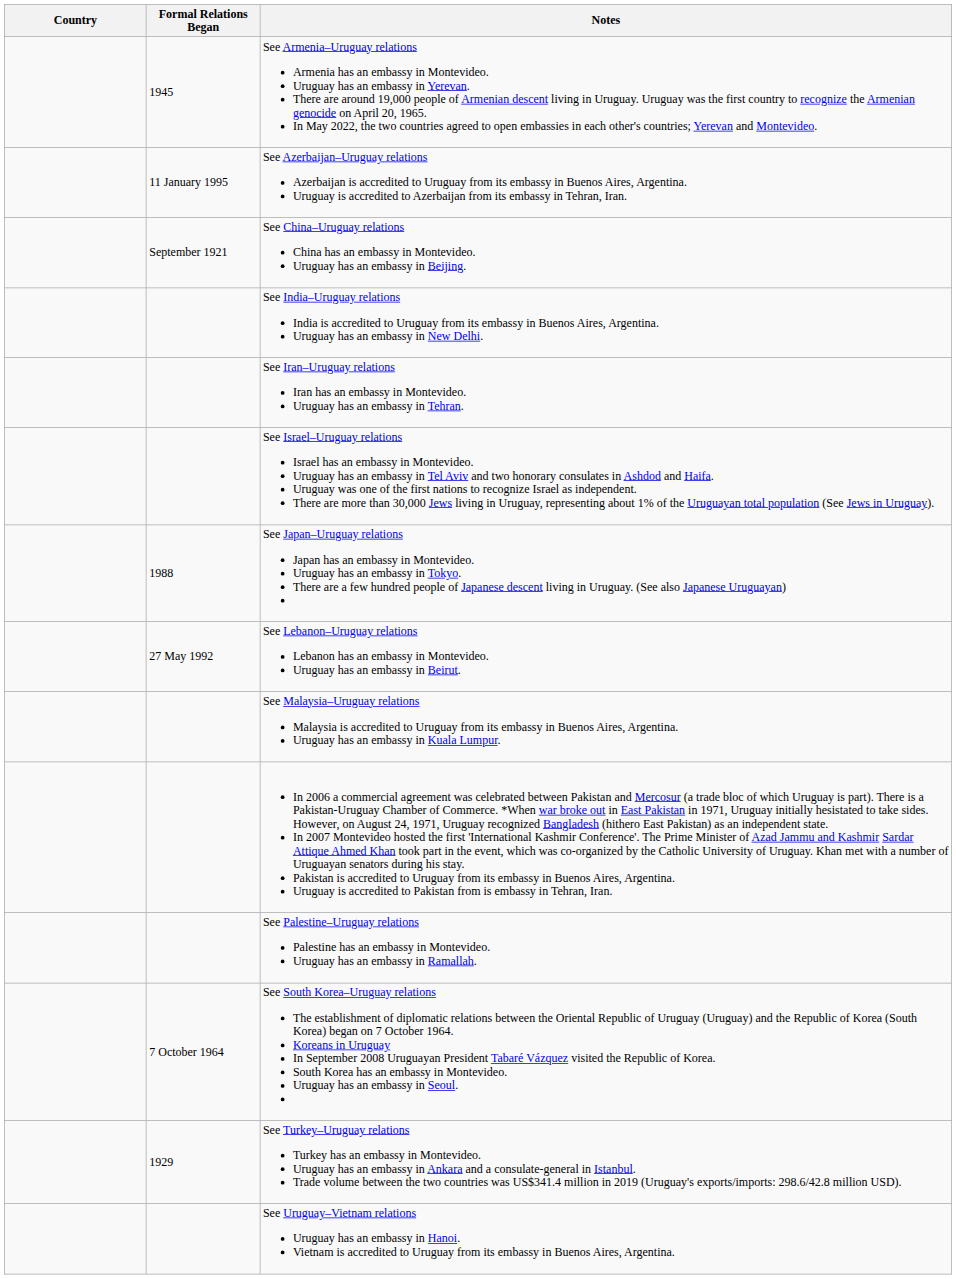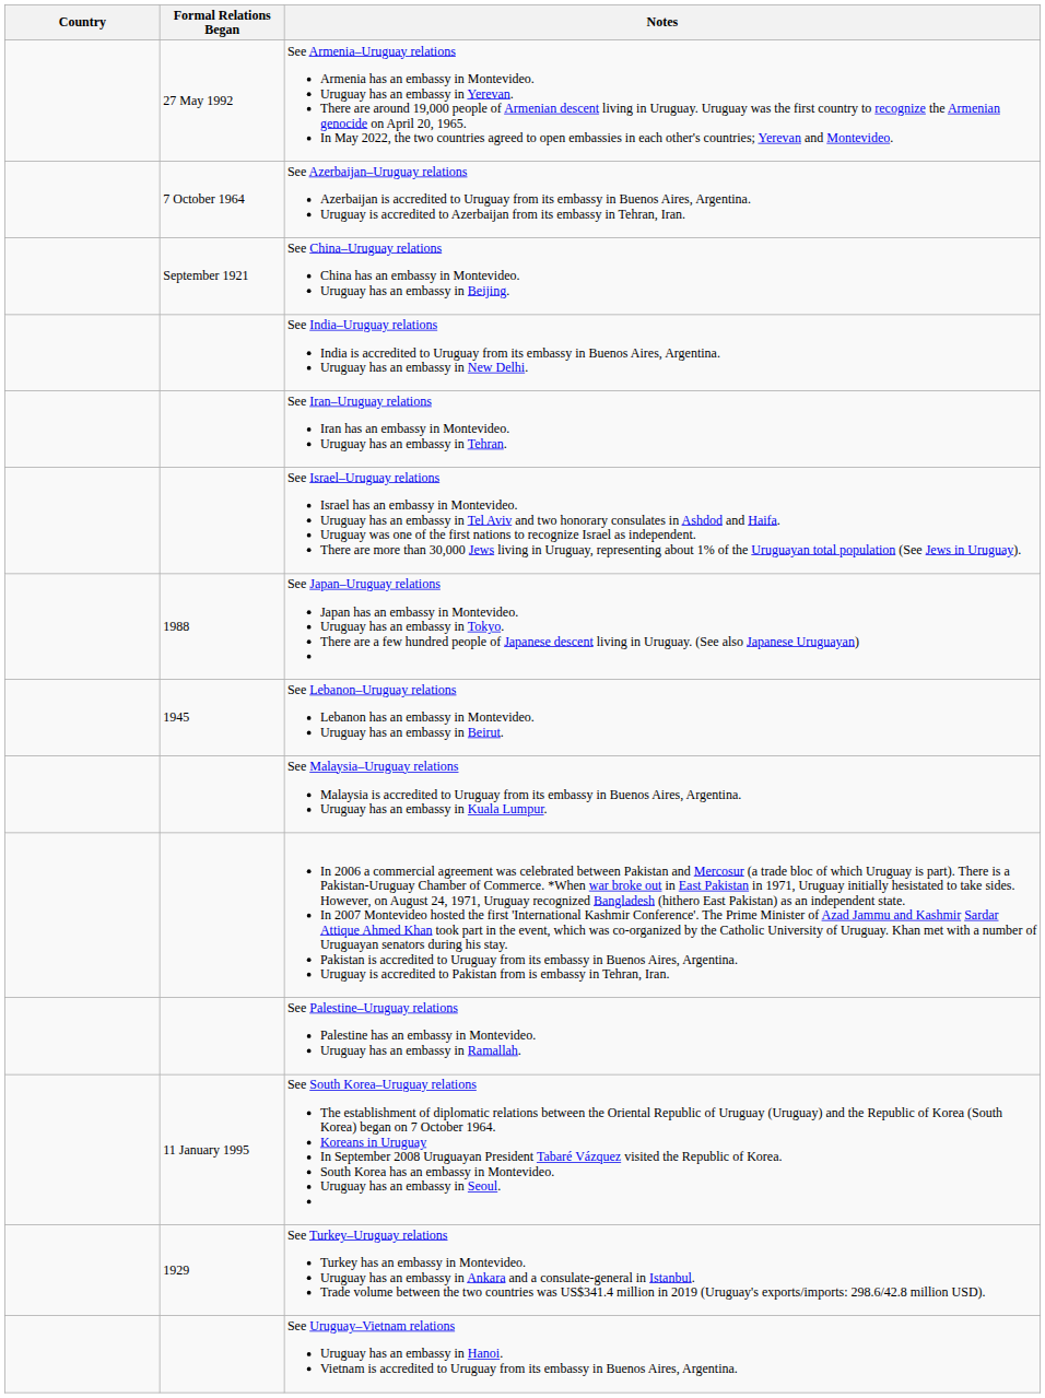 <table class="wikitable sortable" border="1" style="width:100%; margin:auto;">
 <tr>
 <th width="15%">Country</th>
 <th width="12%">Formal Relations Began</th>
 <th>Notes</th>
 </tr>
 <tr -valign="top">
 <td></td>
-<td>1945</td>
+<td>27 May 1992</td>
 <td>See <a href='#'>Armenia–Uruguay relations</a><br><ul><li>Armenia has an embassy in Montevideo.</li><li>Uruguay has an embassy in <a href='#'>Yerevan</a>.</li><li>There are around 19,000 people of <a href='#'>Armenian descent</a> living in Uruguay. Uruguay was the first country to <a href='#'>recognize</a> the <a href='#'>Armenian genocide</a> on April 20, 1965.</li><li>In May 2022, the two countries agreed to open embassies in each other's countries; <a href='#'>Yerevan</a> and <a href='#'>Montevideo</a>.</li></ul></td>
 </tr>
 <tr -valign="top">
 <td></td>
-<td>11 January 1995</td>
+<td>7 October 1964</td>
 <td>See <a href='#'>Azerbaijan–Uruguay relations</a><br><ul><li>Azerbaijan is accredited to Uruguay from its embassy in Buenos Aires, Argentina.</li><li>Uruguay is accredited to Azerbaijan from its embassy in Tehran, Iran.</li></ul></td>
 </tr>
 <tr -valign="top">
 <td></td>
 <td>September 1921</td>
 <td>See <a href='#'>China–Uruguay relations</a><br><ul><li>China has an embassy in Montevideo.</li><li>Uruguay has an embassy in <a href='#'>Beijing</a>.</li></ul></td>
 </tr>
 <tr -valign="top">
 <td></td>
 <td></td>
 <td>See <a href='#'>India–Uruguay relations</a><br><ul><li>India is accredited to Uruguay from its embassy in Buenos Aires, Argentina.</li><li>Uruguay has an embassy in <a href='#'>New Delhi</a>.</li></ul></td>
 </tr>
 <tr -valign="top">
 <td></td>
 <td></td>
 <td>See <a href='#'>Iran–Uruguay relations</a><br><ul><li>Iran has an embassy in Montevideo.</li><li>Uruguay has an embassy in <a href='#'>Tehran</a>.</li></ul></td>
 </tr>
 <tr -valign="top">
 <td></td>
 <td></td>
 <td>See <a href='#'>Israel–Uruguay relations</a><br><ul><li>Israel has an embassy in Montevideo.</li><li>Uruguay has an embassy in <a href='#'>Tel Aviv</a> and two honorary consulates in <a href='#'>Ashdod</a> and <a href='#'>Haifa</a>.</li><li>Uruguay was one of the first nations to recognize Israel as independent.</li><li>There are more than 30,000 <a href='#'>Jews</a> living in Uruguay, representing about 1% of the <a href='#'>Uruguayan total population</a> (See <a href='#'>Jews in Uruguay</a>).</li></ul></td>
 </tr>
 <tr -valign="top">
 <td></td>
 <td>1988</td>
 <td>See <a href='#'>Japan–Uruguay relations</a><br><ul><li>Japan has an embassy in Montevideo.</li><li>Uruguay has an embassy in <a href='#'>Tokyo</a>.</li><li>There are a few hundred people of <a href='#'>Japanese descent</a> living in Uruguay. (See also <a href='#'>Japanese Uruguayan</a>)</li><li></li></ul></td>
 </tr>
 <tr -valign="top">
 <td></td>
-<td>27 May 1992</td>
+<td>1945</td>
 <td>See <a href='#'>Lebanon–Uruguay relations</a><br><ul><li>Lebanon has an embassy in Montevideo.</li><li>Uruguay has an embassy in <a href='#'>Beirut</a>.</li></ul></td>
 </tr>
 <tr -valign="top">
 <td></td>
 <td></td>
 <td>See <a href='#'>Malaysia–Uruguay relations</a><br><ul><li>Malaysia is accredited to Uruguay from its embassy in Buenos Aires, Argentina.</li><li>Uruguay has an embassy in <a href='#'>Kuala Lumpur</a>.</li></ul></td>
 </tr>
 <tr -valign="top">
 <td></td>
 <td></td>
 <td><br><ul><li>In 2006 a commercial agreement was celebrated between Pakistan and <a href='#'>Mercosur</a> (a trade bloc of which Uruguay is part). There is a Pakistan-Uruguay Chamber of Commerce. *When <a href='#'>war broke out</a> in <a href='#'>East Pakistan</a> in 1971, Uruguay initially hesistated to take sides. However, on August 24, 1971, Uruguay recognized <a href='#'>Bangladesh</a> (hithero East Pakistan) as an independent state.</li><li>In 2007 Montevideo hosted the first 'International Kashmir Conference'. The Prime Minister of <a href='#'>Azad Jammu and Kashmir</a> <a href='#'>Sardar Attique Ahmed Khan</a> took part in the event, which was co-organized by the Catholic University of Uruguay. Khan met with a number of Uruguayan senators during his stay.</li><li>Pakistan is accredited to Uruguay from its embassy in Buenos Aires, Argentina.</li><li>Uruguay is accredited to Pakistan from is embassy in Tehran, Iran.</li></ul></td>
 </tr>
 <tr -valign="top">
 <td></td>
 <td></td>
 <td>See <a href='#'>Palestine–Uruguay relations</a><br><ul><li>Palestine has an embassy in Montevideo.</li><li>Uruguay has an embassy in <a href='#'>Ramallah</a>.</li></ul></td>
 </tr>
 <tr -valign="top">
 <td></td>
-<td>7 October 1964</td>
+<td>11 January 1995</td>
 <td>See <a href='#'>South Korea–Uruguay relations</a><br><ul><li>The establishment of diplomatic relations between the Oriental Republic of Uruguay (Uruguay) and the Republic of Korea (South Korea) began on 7 October 1964.</li><li><a href='#'>Koreans in Uruguay</a></li><li>In September 2008 Uruguayan President <a href='#'>Tabaré Vázquez</a> visited the Republic of Korea.</li><li>South Korea has an embassy in Montevideo.</li><li>Uruguay has an embassy in <a href='#'>Seoul</a>.</li><li></li></ul></td>
 </tr>
 <tr -valign="top">
 <td></td>
 <td>1929</td>
 <td>See <a href='#'>Turkey–Uruguay relations</a><br><ul><li>Turkey has an embassy in Montevideo.</li><li>Uruguay has an embassy in <a href='#'>Ankara</a> and a consulate-general in <a href='#'>Istanbul</a>.</li><li>Trade volume between the two countries was US$341.4 million in 2019 (Uruguay's exports/imports: 298.6/42.8 million USD).</li></ul></td>
 </tr>
 <tr -valign="top">
 <td></td>
 <td></td>
 <td>See <a href='#'>Uruguay–Vietnam relations</a><br><ul><li>Uruguay has an embassy in <a href='#'>Hanoi</a>.</li><li>Vietnam is accredited to Uruguay from its embassy in Buenos Aires, Argentina.</li></ul></td>
 </tr>
 </table>
